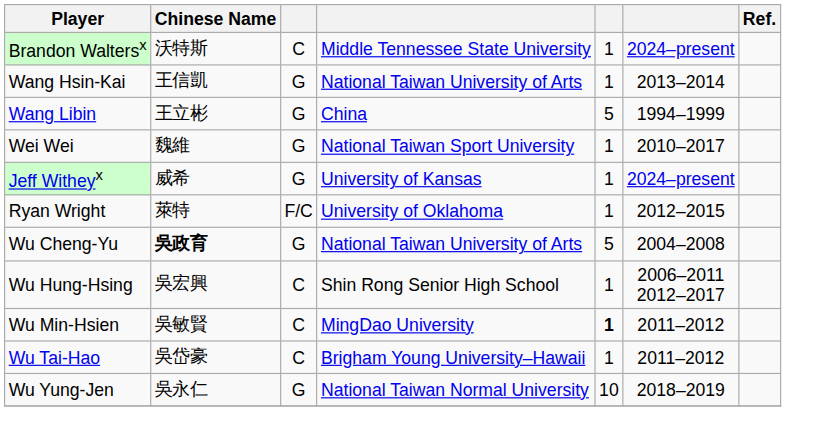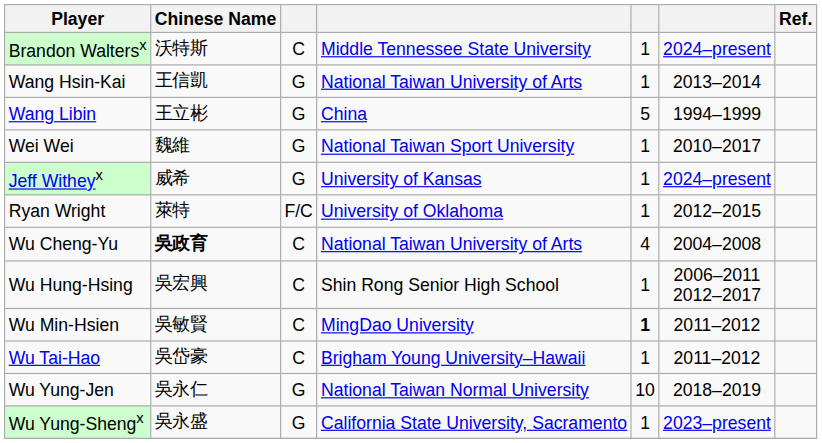 <table class="wikitable sortable" style="font-size:95%; text-align:left;">
 <tr>
 <th>Player</th>
 <th>Chinese Name</th>
 <th></th>
 <th></th>
 <th></th>
 <th></th>
 <th>Ref.</th>
 </tr>
 <tr>
 <td bgcolor="#CCFFCC">Brandon Walters<sup>x</sup></td>
 <td>沃特斯</td>
 <td align="center">C</td>
 <td><a href='#'>Middle Tennessee State University</a></td>
 <td align="center">1</td>
 <td align="center"><a href='#'>2024–present</a></td>
 <td></td>
 </tr>
 <tr>
 <td>Wang Hsin-Kai</td>
 <td>王信凱</td>
 <td align="center">G</td>
 <td><a href='#'>National Taiwan University of Arts</a></td>
 <td align="center">1</td>
 <td align="center">2013–2014</td>
 <td></td>
 </tr>
 <tr>
 <td><a href='#'>Wang Libin</a></td>
 <td>王立彬</td>
 <td align="center">G</td>
 <td><a href='#'>China</a></td>
 <td align="center">5</td>
 <td align="center">1994–1999</td>
 <td></td>
 </tr>
 <tr>
 <td>Wei Wei</td>
 <td>魏維</td>
 <td align="center">G</td>
 <td><a href='#'>National Taiwan Sport University</a></td>
 <td align="center">1</td>
 <td align="center">2010–2017</td>
 <td></td>
 </tr>
 <tr>
 <td bgcolor="#CCFFCC"><a href='#'>Jeff Withey</a><sup>x</sup></td>
 <td>威希</td>
 <td align="center">G</td>
 <td><a href='#'>University of Kansas</a></td>
 <td align="center">1</td>
 <td align="center"><a href='#'>2024–present</a></td>
 <td></td>
 </tr>
 <tr>
 <td>Ryan Wright</td>
 <td>萊特</td>
 <td align="center">F/C</td>
 <td><a href='#'>University of Oklahoma</a></td>
 <td align="center">1</td>
 <td align="center">2012–2015</td>
 <td></td>
 </tr>
 <tr>
 <td>Wu Cheng-Yu</td>
 <td><strong>吳政育</strong></td>
-<td align="center">G</td>
+<td align="center">C</td>
 <td><a href='#'>National Taiwan University of Arts</a></td>
-<td align="center">5</td>
+<td align="center">4</td>
 <td align="center">2004–2008</td>
 <td></td>
 </tr>
 <tr>
 <td>Wu Hung-Hsing</td>
 <td>吳宏興</td>
 <td align="center">C</td>
 <td>Shin Rong Senior High School</td>
 <td align="center">1</td>
 <td align="center">2006–2011<br>2012–2017</td>
 <td></td>
 </tr>
 <tr>
 <td>Wu Min-Hsien</td>
 <td>吳敏賢</td>
 <td align="center">C</td>
 <td><a href='#'>MingDao University</a></td>
 <td align="center"><strong>1</strong></td>
 <td align="center">2011–2012</td>
 <td></td>
 </tr>
 <tr>
 <td><a href='#'>Wu Tai-Hao</a></td>
 <td>吳岱豪</td>
 <td align="center">C</td>
 <td><a href='#'>Brigham Young University–Hawaii</a></td>
 <td align="center">1</td>
 <td align="center">2011–2012</td>
 <td></td>
 </tr>
 <tr>
 <td>Wu Yung-Jen</td>
 <td>吳永仁</td>
 <td align="center">G</td>
 <td><a href='#'>National Taiwan Normal University</a></td>
 <td align="center">10</td>
 <td align="center">2018–2019</td>
 <td></td>
 </tr>
 <tr>
+<td bgcolor="#CCFFCC">Wu Yung-Sheng<sup>x</sup></td>
+<td>吳永盛</td>
+<td align="center">G</td>
+<td><a href='#'>California State University, Sacramento</a></td>
+<td align="center">1</td>
+<td align="center"><a href='#'>2023–present</a></td>
+<td></td>
+</tr>
+<tr>
 </tr>
 </table>
